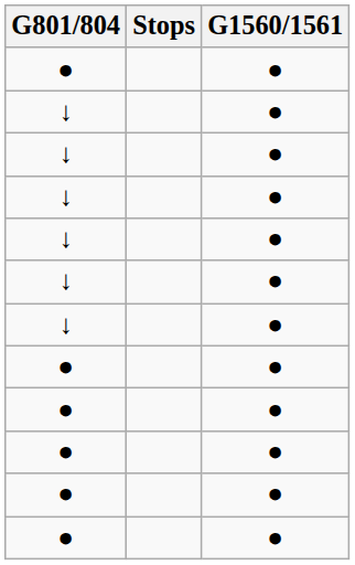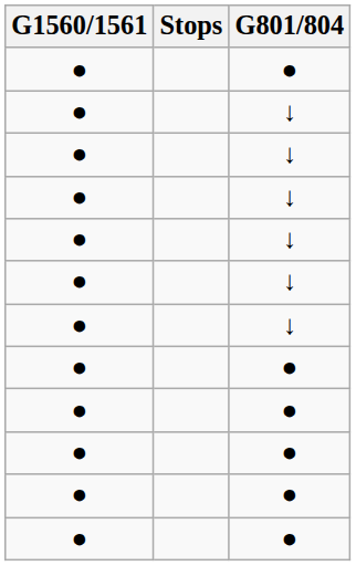 <table class="wikitable" style="text-align: center">
 <tr>
+<th>G1560/1561</th>
+<th>Stops</th>
 <th>G801/804</th>
-<th>Stops</th>
-<th>G1560/1561</th>
 </tr>
 <tr>
 <td>●</td>
 <td></td>
 <td>●</td>
 </tr>
 <tr>
+<td>●</td>
+<td></td>
 <td>↓</td>
-<td></td>
-<td>●</td>
 </tr>
 <tr>
+<td>●</td>
+<td></td>
 <td>↓</td>
-<td></td>
-<td>●</td>
 </tr>
 <tr>
+<td>●</td>
+<td></td>
 <td>↓</td>
-<td></td>
-<td>●</td>
 </tr>
 <tr>
+<td>●</td>
+<td></td>
 <td>↓</td>
-<td></td>
-<td>●</td>
 </tr>
 <tr>
+<td>●</td>
+<td></td>
 <td>↓</td>
-<td></td>
-<td>●</td>
 </tr>
 <tr>
+<td>●</td>
+<td></td>
 <td>↓</td>
-<td></td>
-<td>●</td>
 </tr>
 <tr>
 <td>●</td>
 <td></td>
 <td>●</td>
 </tr>
 <tr>
 <td>●</td>
 <td></td>
 <td>●</td>
 </tr>
 <tr>
 <td>●</td>
 <td></td>
 <td>●</td>
 </tr>
 <tr>
 <td>●</td>
 <td></td>
 <td>●</td>
 </tr>
 <tr>
 <td>●</td>
 <td></td>
 <td>●</td>
 </tr>
 </table>
